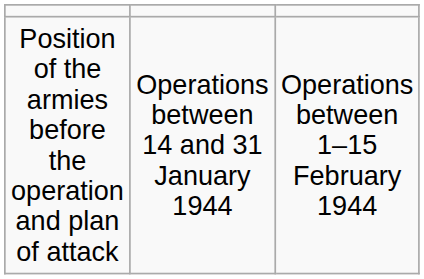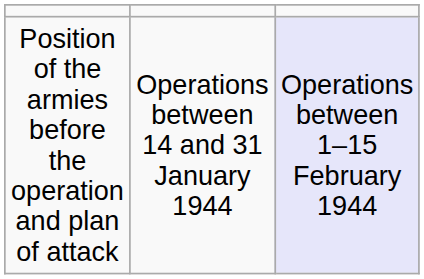 <table Class="wikitable" style="text-align: center">
 <tr>
 <td style="width:25px;"></td>
 <td style="width:25px;"></td>
 <td style="width:25px;"></td>
 </tr>
 <tr>
 <td>Position of the armies before the operation and plan of attack</td>
 <td>Operations between 14 and 31 January 1944</td>
-<td>Operations between 1–15 February 1944</td>
+<td style="background: lavender;">Operations between 1–15 February 1944</td>
 </tr>
 </table>
